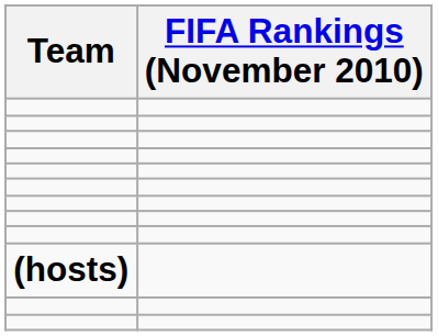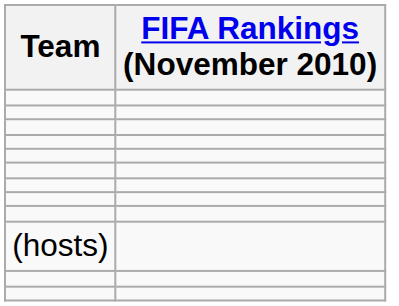 <table class="wikitable sortable" style="text-align: left;">
 <tr>
 <th>Team</th>
 <th><a href='#'>FIFA Rankings</a><br>(November 2010)</th>
 </tr>
 <tr>
 <td></td>
 <td></td>
 </tr>
 <tr>
 <td></td>
 <td></td>
 </tr>
 <tr>
 <td></td>
 <td></td>
 </tr>
 <tr>
 <td></td>
 <td></td>
 </tr>
 <tr>
 <td></td>
 <td></td>
 </tr>
 <tr>
 <td></td>
 <td></td>
 </tr>
 <tr>
 <td></td>
 <td></td>
 </tr>
 <tr>
 <td></td>
 <td></td>
 </tr>
 <tr>
 <td></td>
 <td></td>
 </tr>
 <tr>
-<td><strong> (hosts)</strong></td>
+<td> (hosts)</td>
 <td></td>
 </tr>
 <tr>
 <td></td>
 <td></td>
 </tr>
 <tr>
 <td></td>
 <td></td>
 </tr>
 </table>
